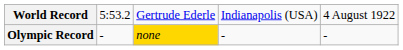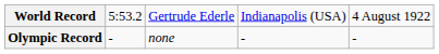 <table class="wikitable" style="font-size:95%;">
 <tr>
 <th>World Record</th>
 <td>5:53.2</td>
 <td> <a href='#'>Gertrude Ederle</a></td>
 <td><a href='#'>Indianapolis</a> (USA)</td>
 <td>4 August 1922</td>
 </tr>
 <tr>
 <th>Olympic Record</th>
 <td>-</td>
-<td style="background: gold;"><em>none</em></td>
+<td><em>none</em></td>
 <td>-</td>
 <td>-</td>
 </tr>
 </table>
